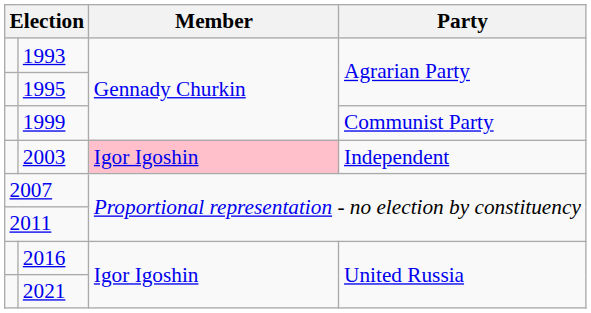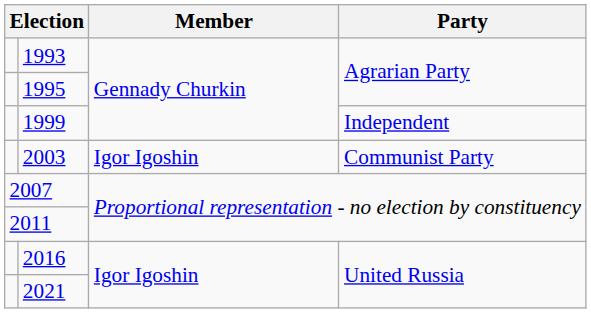 <table class="wikitable">
 <tr>
 <th colspan="2">Election</th>
 <th>Member</th>
 <th>Party</th>
 </tr>
 <tr>
 <td style="background-color:"></td>
 <td><a href='#'>1993</a></td>
 <td rowspan=3><a href='#'>Gennady Churkin</a></td>
 <td rowspan=2><a href='#'>Agrarian Party</a></td>
 </tr>
 <tr>
 <td style="background-color:"></td>
 <td><a href='#'>1995</a></td>
 </tr>
 <tr>
 <td style="background-color:"></td>
 <td><a href='#'>1999</a></td>
-<td><a href='#'>Communist Party</a></td>
+<td><a href='#'>Independent</a></td>
 </tr>
 <tr>
 <td style="background-color:"></td>
 <td><a href='#'>2003</a></td>
-<td style="background: pink;"><a href='#'>Igor Igoshin</a></td>
-<td><a href='#'>Independent</a></td>
+<td><a href='#'>Igor Igoshin</a></td>
+<td><a href='#'>Communist Party</a></td>
 </tr>
 <tr>
 <td colspan=2><a href='#'>2007</a></td>
 <td colspan=2 rowspan=2><em><a href='#'>Proportional representation</a> - no election by constituency</em></td>
 </tr>
 <tr>
 <td colspan=2><a href='#'>2011</a></td>
 </tr>
 <tr>
 <td style="background-color: "></td>
 <td><a href='#'>2016</a></td>
 <td rowspan=2><a href='#'>Igor Igoshin</a></td>
 <td rowspan=2><a href='#'>United Russia</a></td>
 </tr>
 <tr>
 <td style="background-color: "></td>
 <td><a href='#'>2021</a></td>
 </tr>
 </table>
